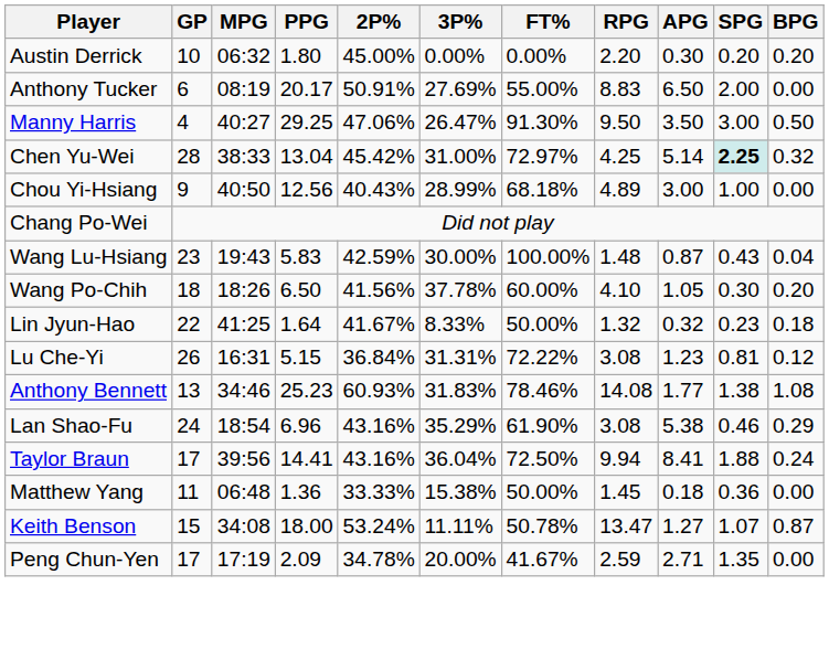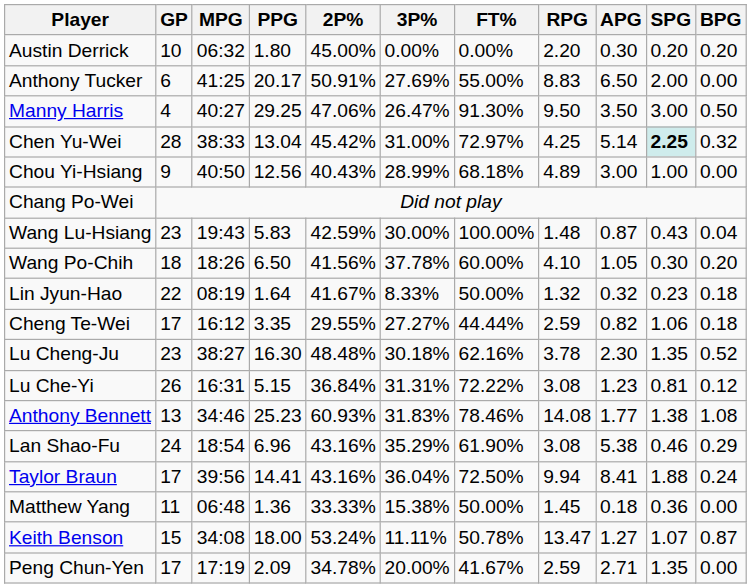 <table class="wikitable">
 <tr>
 <th>Player</th>
 <th>GP</th>
 <th>MPG</th>
 <th>PPG</th>
 <th>2P%</th>
 <th>3P%</th>
 <th>FT%</th>
 <th>RPG</th>
 <th>APG</th>
 <th>SPG</th>
 <th>BPG</th>
 </tr>
 <tr>
 <td>Austin Derrick</td>
 <td>10</td>
 <td>06:32</td>
 <td>1.80</td>
 <td>45.00%</td>
 <td>0.00%</td>
 <td>0.00%</td>
 <td>2.20</td>
 <td>0.30</td>
 <td>0.20</td>
 <td>0.20</td>
 </tr>
 <tr>
 <td>Anthony Tucker</td>
 <td>6</td>
-<td>08:19</td>
+<td>41:25</td>
 <td>20.17</td>
 <td>50.91%</td>
 <td>27.69%</td>
 <td>55.00%</td>
 <td>8.83</td>
 <td>6.50</td>
 <td>2.00</td>
 <td>0.00</td>
 </tr>
 <tr>
 <td><a href='#'>Manny Harris</a></td>
 <td>4</td>
 <td>40:27</td>
 <td>29.25</td>
 <td>47.06%</td>
 <td>26.47%</td>
 <td>91.30%</td>
 <td>9.50</td>
 <td>3.50</td>
 <td>3.00</td>
 <td>0.50</td>
 </tr>
 <tr>
 <td>Chen Yu-Wei</td>
 <td>28</td>
 <td>38:33</td>
 <td>13.04</td>
 <td>45.42%</td>
 <td>31.00%</td>
 <td>72.97%</td>
 <td>4.25</td>
 <td>5.14</td>
 <td style="background-color: #CFECEC"><strong>2.25</strong></td>
 <td>0.32</td>
 </tr>
 <tr>
 <td>Chou Yi-Hsiang</td>
 <td>9</td>
 <td>40:50</td>
 <td>12.56</td>
 <td>40.43%</td>
 <td>28.99%</td>
 <td>68.18%</td>
 <td>4.89</td>
 <td>3.00</td>
 <td>1.00</td>
 <td>0.00</td>
 </tr>
 <tr>
 <td>Chang Po-Wei</td>
 <td colspan=10 align=center><em>Did not play</em></td>
 </tr>
 <tr>
 <td>Wang Lu-Hsiang</td>
 <td>23</td>
 <td>19:43</td>
 <td>5.83</td>
 <td>42.59%</td>
 <td>30.00%</td>
 <td>100.00%</td>
 <td>1.48</td>
 <td>0.87</td>
 <td>0.43</td>
 <td>0.04</td>
 </tr>
 <tr>
 <td>Wang Po-Chih</td>
 <td>18</td>
 <td>18:26</td>
 <td>6.50</td>
 <td>41.56%</td>
 <td>37.78%</td>
 <td>60.00%</td>
 <td>4.10</td>
 <td>1.05</td>
 <td>0.30</td>
 <td>0.20</td>
 </tr>
 <tr>
 <td>Lin Jyun-Hao</td>
 <td>22</td>
-<td>41:25</td>
+<td>08:19</td>
 <td>1.64</td>
 <td>41.67%</td>
 <td>8.33%</td>
 <td>50.00%</td>
 <td>1.32</td>
 <td>0.32</td>
 <td>0.23</td>
 <td>0.18</td>
+</tr>
+<tr>
+<td>Cheng Te-Wei</td>
+<td>17</td>
+<td>16:12</td>
+<td>3.35</td>
+<td>29.55%</td>
+<td>27.27%</td>
+<td>44.44%</td>
+<td>2.59</td>
+<td>0.82</td>
+<td>1.06</td>
+<td>0.18</td>
+</tr>
+<tr>
+<td>Lu Cheng-Ju</td>
+<td>23</td>
+<td>38:27</td>
+<td>16.30</td>
+<td>48.48%</td>
+<td>30.18%</td>
+<td>62.16%</td>
+<td>3.78</td>
+<td>2.30</td>
+<td>1.35</td>
+<td>0.52</td>
 </tr>
 <tr>
 <td>Lu Che-Yi</td>
 <td>26</td>
 <td>16:31</td>
 <td>5.15</td>
 <td>36.84%</td>
 <td>31.31%</td>
 <td>72.22%</td>
 <td>3.08</td>
 <td>1.23</td>
 <td>0.81</td>
 <td>0.12</td>
 </tr>
 <tr>
 <td><a href='#'>Anthony Bennett</a></td>
 <td>13</td>
 <td>34:46</td>
 <td>25.23</td>
 <td>60.93%</td>
 <td>31.83%</td>
 <td>78.46%</td>
 <td>14.08</td>
 <td>1.77</td>
 <td>1.38</td>
 <td>1.08</td>
 </tr>
 <tr>
 <td>Lan Shao-Fu</td>
 <td>24</td>
 <td>18:54</td>
 <td>6.96</td>
 <td>43.16%</td>
 <td>35.29%</td>
 <td>61.90%</td>
 <td>3.08</td>
 <td>5.38</td>
 <td>0.46</td>
 <td>0.29</td>
 </tr>
 <tr>
 <td><a href='#'>Taylor Braun</a></td>
 <td>17</td>
 <td>39:56</td>
 <td>14.41</td>
 <td>43.16%</td>
 <td>36.04%</td>
 <td>72.50%</td>
 <td>9.94</td>
 <td>8.41</td>
 <td>1.88</td>
 <td>0.24</td>
 </tr>
 <tr>
 <td>Matthew Yang</td>
 <td>11</td>
 <td>06:48</td>
 <td>1.36</td>
 <td>33.33%</td>
 <td>15.38%</td>
 <td>50.00%</td>
 <td>1.45</td>
 <td>0.18</td>
 <td>0.36</td>
 <td>0.00</td>
 </tr>
 <tr>
 <td><a href='#'>Keith Benson</a></td>
 <td>15</td>
 <td>34:08</td>
 <td>18.00</td>
 <td>53.24%</td>
 <td>11.11%</td>
 <td>50.78%</td>
 <td>13.47</td>
 <td>1.27</td>
 <td>1.07</td>
 <td>0.87</td>
 </tr>
 <tr>
 <td>Peng Chun-Yen</td>
 <td>17</td>
 <td>17:19</td>
 <td>2.09</td>
 <td>34.78%</td>
 <td>20.00%</td>
 <td>41.67%</td>
 <td>2.59</td>
 <td>2.71</td>
 <td>1.35</td>
 <td>0.00</td>
 </tr>
 </table>
